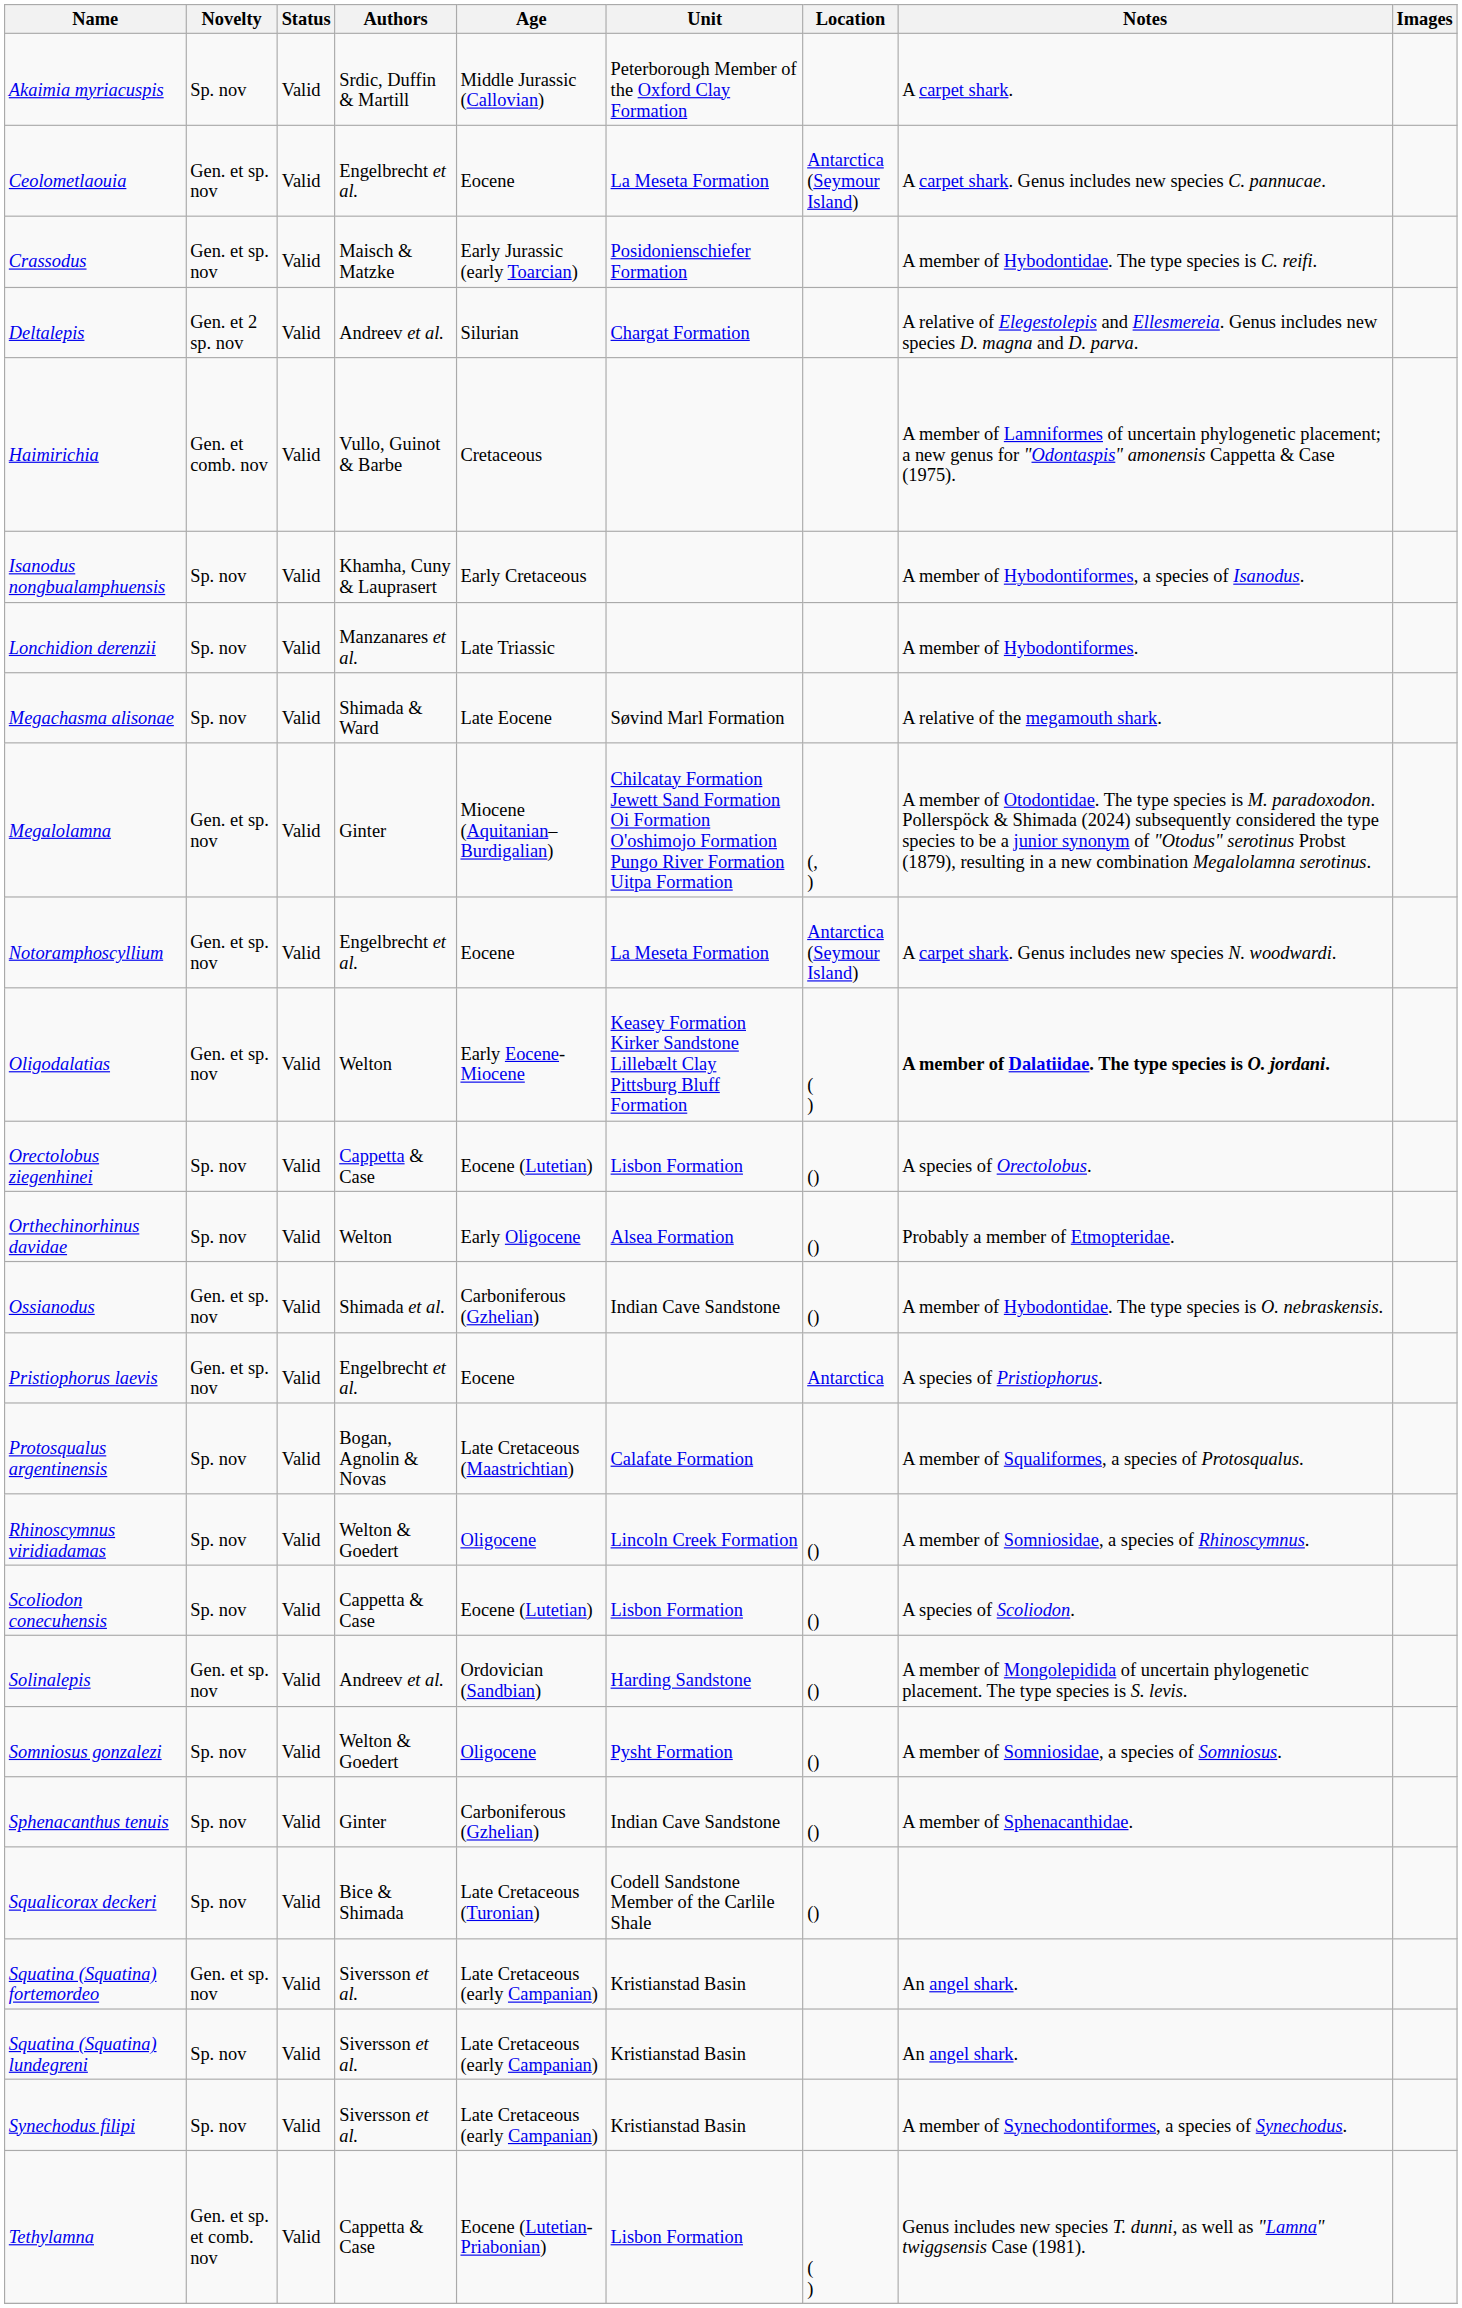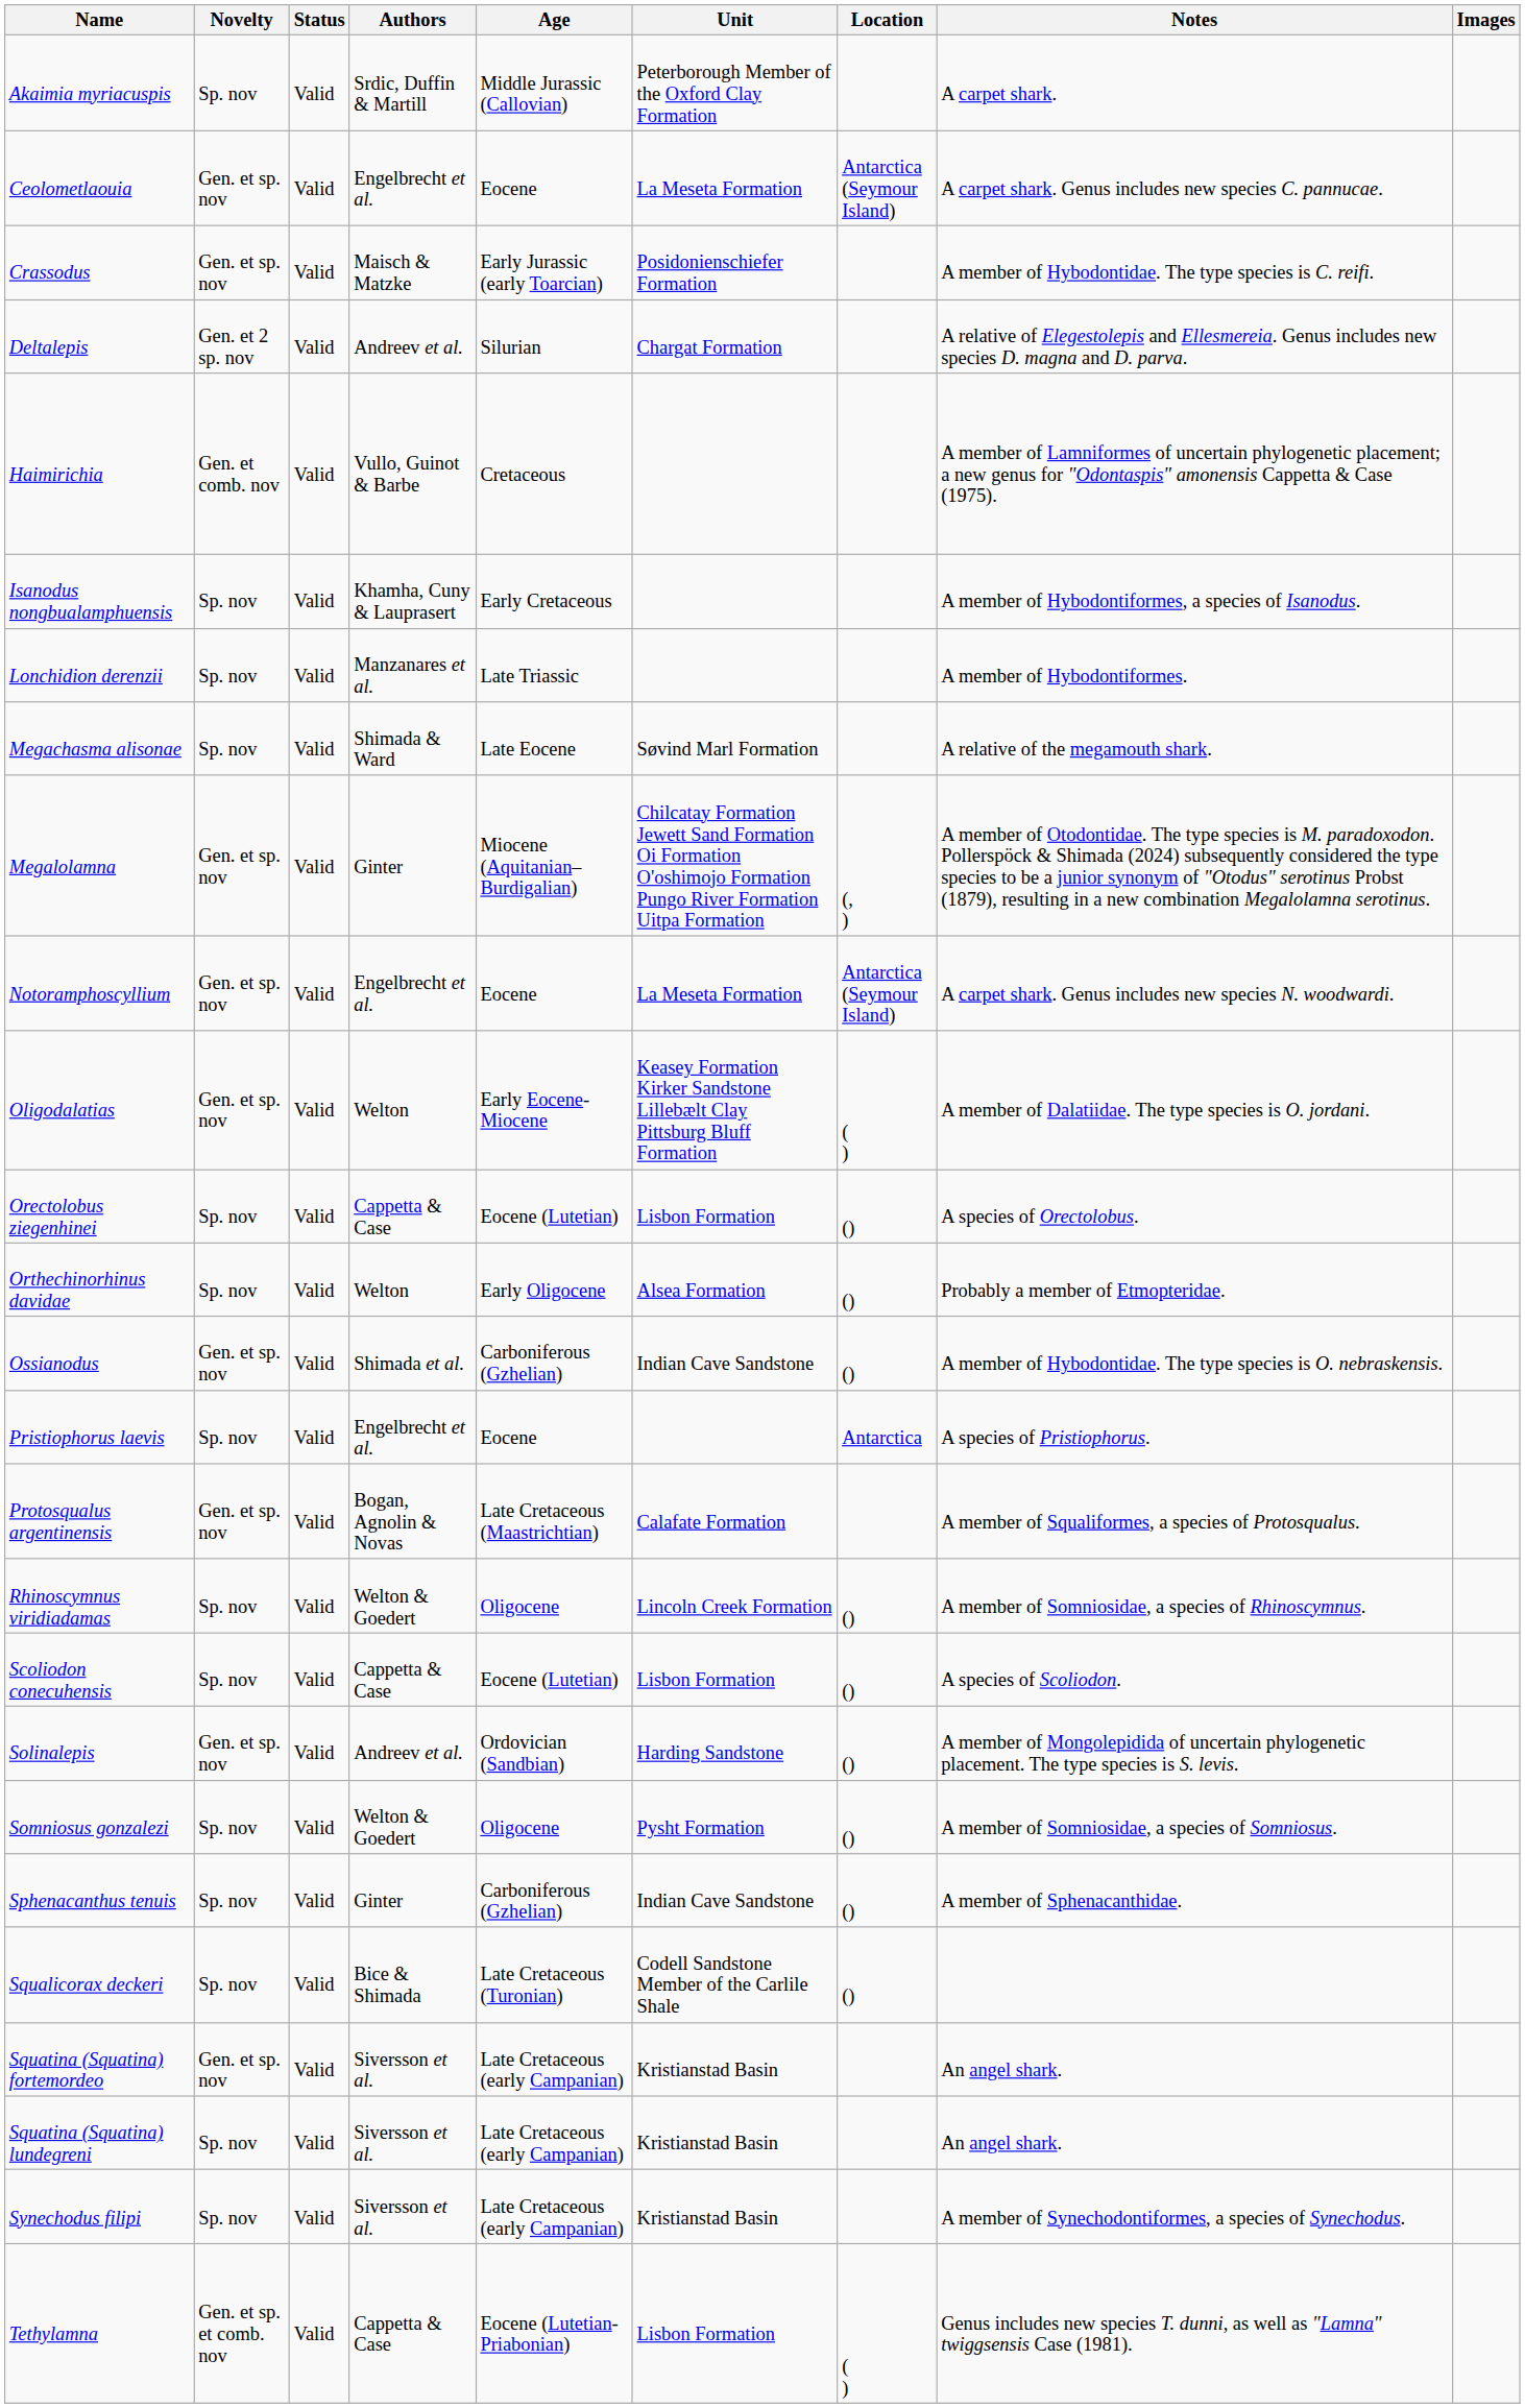 <table class="wikitable sortable" align="center" width="100%">
 <tr>
 <th>Name</th>
 <th>Novelty</th>
 <th>Status</th>
 <th>Authors</th>
 <th>Age</th>
 <th>Unit</th>
 <th>Location</th>
 <th>Notes</th>
 <th>Images</th>
 </tr>
 <tr>
 <td><br><em><a href='#'>Akaimia myriacuspis</a></em></td>
 <td><br>Sp. nov</td>
 <td><br>Valid</td>
 <td><br>Srdic, Duffin & Martill</td>
 <td><br>Middle Jurassic (<a href='#'>Callovian</a>)</td>
 <td><br>Peterborough Member of the <a href='#'>Oxford Clay Formation</a></td>
 <td><br></td>
 <td><br>A <a href='#'>carpet shark</a>.</td>
 <td></td>
 </tr>
 <tr>
 <td><br><em><a href='#'>Ceolometlaouia</a></em></td>
 <td><br>Gen. et sp. nov</td>
 <td><br>Valid</td>
 <td><br>Engelbrecht <em>et al.</em></td>
 <td><br>Eocene</td>
 <td><br><a href='#'>La Meseta Formation</a></td>
 <td><br><a href='#'>Antarctica</a><br>(<a href='#'>Seymour Island</a>)</td>
 <td><br>A <a href='#'>carpet shark</a>. Genus includes new species <em>C. pannucae</em>.</td>
 <td></td>
 </tr>
 <tr>
 <td><br><em><a href='#'>Crassodus</a></em></td>
 <td><br>Gen. et sp. nov</td>
 <td><br>Valid</td>
 <td><br>Maisch & Matzke</td>
 <td><br>Early Jurassic (early <a href='#'>Toarcian</a>)</td>
 <td><br><a href='#'>Posidonienschiefer Formation</a></td>
 <td><br></td>
 <td><br>A member of <a href='#'>Hybodontidae</a>. The type species is <em>C. reifi</em>.</td>
 <td></td>
 </tr>
 <tr>
 <td><br><em><a href='#'>Deltalepis</a></em></td>
 <td><br>Gen. et 2 sp. nov</td>
 <td><br>Valid</td>
 <td><br>Andreev <em>et al.</em></td>
 <td><br>Silurian</td>
 <td><br><a href='#'>Chargat Formation</a></td>
 <td><br></td>
 <td><br>A relative of <em><a href='#'>Elegestolepis</a></em> and <em><a href='#'>Ellesmereia</a></em>. Genus includes new species <em>D. magna</em> and <em>D. parva</em>.</td>
 <td></td>
 </tr>
 <tr>
 <td><br><em><a href='#'>Haimirichia</a></em></td>
 <td><br>Gen. et comb. nov</td>
 <td><br>Valid</td>
 <td><br>Vullo, Guinot & Barbe</td>
 <td><br>Cretaceous</td>
 <td></td>
 <td><br><br> <br> <br> <br> <br> <br> <br> </td>
 <td><br>A member of <a href='#'>Lamniformes</a> of uncertain phylogenetic placement; a new genus for <em>"<a href='#'>Odontaspis</a>" amonensis</em> Cappetta & Case (1975).</td>
 <td></td>
 </tr>
 <tr>
 <td><br><em><a href='#'>Isanodus nongbualamphuensis</a></em></td>
 <td><br>Sp. nov</td>
 <td><br>Valid</td>
 <td><br>Khamha, Cuny & Lauprasert</td>
 <td><br>Early Cretaceous</td>
 <td></td>
 <td><br></td>
 <td><br>A member of <a href='#'>Hybodontiformes</a>, a species of <em><a href='#'>Isanodus</a></em>.</td>
 <td></td>
 </tr>
 <tr>
 <td><br><em><a href='#'>Lonchidion derenzii</a></em></td>
 <td><br>Sp. nov</td>
 <td><br>Valid</td>
 <td><br>Manzanares <em>et al.</em></td>
 <td><br>Late Triassic</td>
 <td></td>
 <td><br></td>
 <td><br>A member of <a href='#'>Hybodontiformes</a>.</td>
 <td></td>
 </tr>
 <tr>
 <td><br><em><a href='#'>Megachasma alisonae</a></em></td>
 <td><br>Sp. nov</td>
 <td><br>Valid</td>
 <td><br>Shimada & Ward</td>
 <td><br>Late Eocene</td>
 <td><br>Søvind Marl Formation</td>
 <td><br></td>
 <td><br>A relative of the <a href='#'>megamouth shark</a>.</td>
 <td></td>
 </tr>
 <tr>
 <td><br><em><a href='#'>Megalolamna</a></em></td>
 <td><br>Gen. et sp. nov</td>
 <td><br>Valid</td>
 <td><br>Ginter</td>
 <td><br>Miocene (<a href='#'>Aquitanian</a>–<a href='#'>Burdigalian</a>)</td>
 <td><br><a href='#'>Chilcatay Formation</a><br> <a href='#'>Jewett Sand Formation</a><br> <a href='#'>Oi Formation</a><br> <a href='#'>O'oshimojo Formation</a><br> <a href='#'>Pungo River Formation</a><br> <a href='#'>Uitpa Formation</a></td>
 <td><br><br> <br> <br> <br>(,<br>)</td>
 <td><br>A member of <a href='#'>Otodontidae</a>. The type species is <em>M. paradoxodon</em>. Pollerspöck & Shimada (2024) subsequently considered the type species to be a <a href='#'>junior synonym</a> of <em>"Otodus" serotinus</em> Probst (1879), resulting in a new combination <em>Megalolamna serotinus</em>.</td>
 <td></td>
 </tr>
 <tr>
 <td><br><em><a href='#'>Notoramphoscyllium</a></em></td>
 <td><br>Gen. et sp. nov</td>
 <td><br>Valid</td>
 <td><br>Engelbrecht <em>et al.</em></td>
 <td><br>Eocene</td>
 <td><br><a href='#'>La Meseta Formation</a></td>
 <td><br><a href='#'>Antarctica</a><br>(<a href='#'>Seymour Island</a>)</td>
 <td><br>A <a href='#'>carpet shark</a>. Genus includes new species <em>N. woodwardi</em>.</td>
 <td></td>
 </tr>
 <tr>
 <td><br><em><a href='#'>Oligodalatias</a></em></td>
 <td><br>Gen. et sp. nov</td>
 <td><br>Valid</td>
 <td><br>Welton</td>
 <td><br>Early <a href='#'>Eocene</a>-<a href='#'>Miocene</a></td>
 <td><br><a href='#'>Keasey Formation</a><br> <a href='#'>Kirker Sandstone</a><br> <a href='#'>Lillebælt Clay</a><br> <a href='#'>Pittsburg Bluff Formation</a></td>
 <td><br><br> <br> <br>(<br>)</td>
-<td><strong><br>A member of <a href='#'>Dalatiidae</a>. The type species is <em>O. jordani</em>.</strong></td>
+<td><br>A member of <a href='#'>Dalatiidae</a>. The type species is <em>O. jordani</em>.</td>
 <td></td>
 </tr>
 <tr>
 <td><br><em><a href='#'>Orectolobus ziegenhinei</a></em></td>
 <td><br>Sp. nov</td>
 <td><br>Valid</td>
 <td><br><a href='#'>Cappetta</a> & Case</td>
 <td><br>Eocene (<a href='#'>Lutetian</a>)</td>
 <td><br><a href='#'>Lisbon Formation</a></td>
 <td><br><br>()</td>
 <td><br>A species of <em><a href='#'>Orectolobus</a></em>.</td>
 <td></td>
 </tr>
 <tr>
 <td><br><em><a href='#'>Orthechinorhinus davidae</a></em></td>
 <td><br>Sp. nov</td>
 <td><br>Valid</td>
 <td><br>Welton</td>
 <td><br>Early <a href='#'>Oligocene</a></td>
 <td><br><a href='#'>Alsea Formation</a></td>
 <td><br><br>()</td>
 <td><br>Probably a member of <a href='#'>Etmopteridae</a>.</td>
 <td></td>
 </tr>
 <tr>
 <td><br><em><a href='#'>Ossianodus</a></em></td>
 <td><br>Gen. et sp. nov</td>
 <td><br>Valid</td>
 <td><br>Shimada <em>et al.</em></td>
 <td><br>Carboniferous (<a href='#'>Gzhelian</a>)</td>
 <td><br>Indian Cave Sandstone</td>
 <td><br><br>()</td>
 <td><br>A member of <a href='#'>Hybodontidae</a>. The type species is <em>O. nebraskensis</em>.</td>
 <td></td>
 </tr>
 <tr>
 <td><br><em><a href='#'>Pristiophorus laevis</a></em></td>
-<td><br>Gen. et sp. nov</td>
+<td><br>Sp. nov</td>
 <td><br>Valid</td>
 <td><br>Engelbrecht <em>et al.</em></td>
 <td><br>Eocene</td>
 <td></td>
 <td><br><a href='#'>Antarctica</a></td>
 <td><br>A species of <em><a href='#'>Pristiophorus</a></em>.</td>
 <td></td>
 </tr>
 <tr>
 <td><br><em><a href='#'>Protosqualus argentinensis</a></em></td>
-<td><br>Sp. nov</td>
+<td><br>Gen. et sp. nov</td>
 <td><br>Valid</td>
 <td><br>Bogan, Agnolin & Novas</td>
 <td><br>Late Cretaceous (<a href='#'>Maastrichtian</a>)</td>
 <td><br><a href='#'>Calafate Formation</a></td>
 <td><br></td>
 <td><br>A member of <a href='#'>Squaliformes</a>, a species of <em>Protosqualus</em>.</td>
 <td></td>
 </tr>
 <tr>
 <td><br><em><a href='#'>Rhinoscymnus viridiadamas</a></em></td>
 <td><br>Sp. nov</td>
 <td><br>Valid</td>
 <td><br>Welton & Goedert</td>
 <td><br><a href='#'>Oligocene</a></td>
 <td><br><a href='#'>Lincoln Creek Formation</a></td>
 <td><br><br>()</td>
 <td><br>A member of <a href='#'>Somniosidae</a>, a species of <em><a href='#'>Rhinoscymnus</a></em>.</td>
 <td></td>
 </tr>
 <tr>
 <td><br><em><a href='#'>Scoliodon conecuhensis</a></em></td>
 <td><br>Sp. nov</td>
 <td><br>Valid</td>
 <td><br>Cappetta & Case</td>
 <td><br>Eocene (<a href='#'>Lutetian</a>)</td>
 <td><br><a href='#'>Lisbon Formation</a></td>
 <td><br><br>()</td>
 <td><br>A species of <em><a href='#'>Scoliodon</a></em>.</td>
 <td></td>
 </tr>
 <tr>
 <td><br><em><a href='#'>Solinalepis</a></em></td>
 <td><br>Gen. et sp. nov</td>
 <td><br>Valid</td>
 <td><br>Andreev <em>et al.</em></td>
 <td><br>Ordovician (<a href='#'>Sandbian</a>)</td>
 <td><br><a href='#'>Harding Sandstone</a></td>
 <td><br><br>()</td>
 <td><br>A member of <a href='#'>Mongolepidida</a> of uncertain phylogenetic placement. The type species is <em>S. levis</em>.</td>
 <td></td>
 </tr>
 <tr>
 <td><br><em><a href='#'>Somniosus gonzalezi</a></em></td>
 <td><br>Sp. nov</td>
 <td><br>Valid</td>
 <td><br>Welton & Goedert</td>
 <td><br><a href='#'>Oligocene</a></td>
 <td><br><a href='#'>Pysht Formation</a></td>
 <td><br><br>()</td>
 <td><br>A member of <a href='#'>Somniosidae</a>, a species of <em><a href='#'>Somniosus</a></em>.</td>
 <td></td>
 </tr>
 <tr>
 <td><br><em><a href='#'>Sphenacanthus tenuis</a></em></td>
 <td><br>Sp. nov</td>
 <td><br>Valid</td>
 <td><br>Ginter</td>
 <td><br>Carboniferous (<a href='#'>Gzhelian</a>)</td>
 <td><br>Indian Cave Sandstone</td>
 <td><br><br>()</td>
 <td><br>A member of <a href='#'>Sphenacanthidae</a>.</td>
 <td></td>
 </tr>
 <tr>
 <td><br><em><a href='#'>Squalicorax deckeri</a></em></td>
 <td><br>Sp. nov</td>
 <td><br>Valid</td>
 <td><br>Bice & Shimada</td>
 <td><br>Late Cretaceous (<a href='#'>Turonian</a>)</td>
 <td><br>Codell Sandstone Member of the Carlile Shale</td>
 <td><br><br>()</td>
 <td></td>
 <td></td>
 </tr>
 <tr>
 <td><br><em><a href='#'>Squatina (Squatina) fortemordeo</a></em></td>
 <td><br>Gen. et sp. nov</td>
 <td><br>Valid</td>
 <td><br>Siversson <em>et al.</em></td>
 <td><br>Late Cretaceous (early <a href='#'>Campanian</a>)</td>
 <td><br>Kristianstad Basin</td>
 <td><br></td>
 <td><br>An <a href='#'>angel shark</a>.</td>
 <td></td>
 </tr>
 <tr>
 <td><br><em><a href='#'>Squatina (Squatina) lundegreni</a></em></td>
 <td><br>Sp. nov</td>
 <td><br>Valid</td>
 <td><br>Siversson <em>et al.</em></td>
 <td><br>Late Cretaceous (early <a href='#'>Campanian</a>)</td>
 <td><br>Kristianstad Basin</td>
 <td><br></td>
 <td><br>An <a href='#'>angel shark</a>.</td>
 <td></td>
 </tr>
 <tr>
 <td><br><em><a href='#'>Synechodus filipi</a></em></td>
 <td><br>Sp. nov</td>
 <td><br>Valid</td>
 <td><br>Siversson <em>et al.</em></td>
 <td><br>Late Cretaceous (early <a href='#'>Campanian</a>)</td>
 <td><br>Kristianstad Basin</td>
 <td><br></td>
 <td><br>A member of <a href='#'>Synechodontiformes</a>, a species of <em><a href='#'>Synechodus</a></em>.</td>
 <td></td>
 </tr>
 <tr>
 <td><br><em><a href='#'>Tethylamna</a></em></td>
 <td><br>Gen. et sp. et comb. nov</td>
 <td><br>Valid</td>
 <td><br>Cappetta & Case</td>
 <td><br>Eocene (<a href='#'>Lutetian</a>-<a href='#'>Priabonian</a>)</td>
 <td><br><a href='#'>Lisbon Formation</a></td>
 <td><br><br> <br> <br> <br>(<br>)</td>
 <td><br>Genus includes new species <em>T. dunni</em>, as well as <em>"<a href='#'>Lamna</a>" twiggsensis</em> Case (1981).</td>
 <td></td>
 </tr>
 <tr>
 </tr>
 </table>
